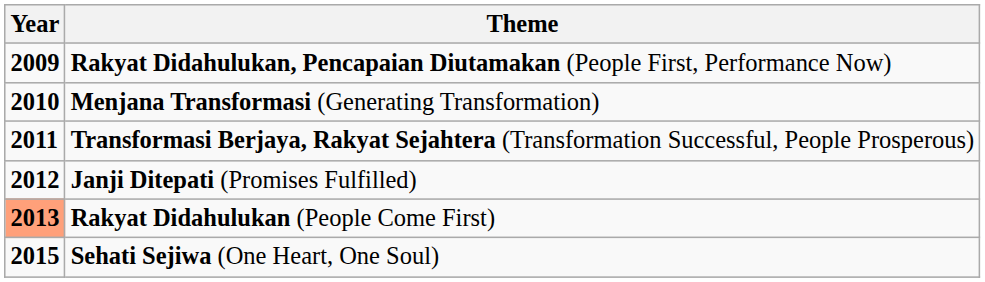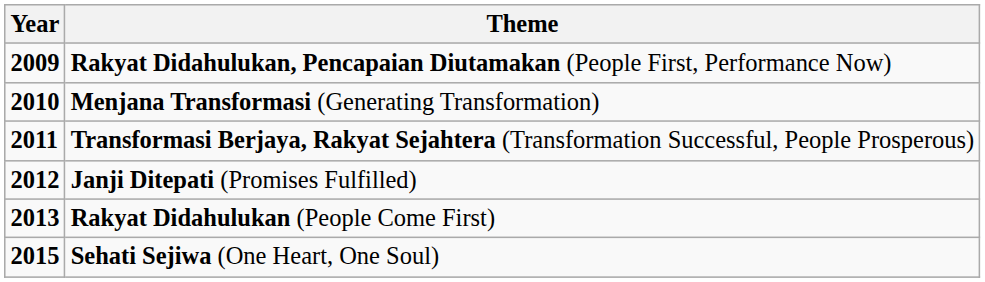 <table class="wikitable">
 <tr>
 <th>Year</th>
 <th>Theme</th>
 </tr>
 <tr>
 <td><strong>2009</strong></td>
 <td><strong>Rakyat Didahulukan, Pencapaian Diutamakan</strong> (People First, Performance Now)</td>
 </tr>
 <tr>
 <td><strong>2010</strong></td>
 <td><strong>Menjana Transformasi</strong> (Generating Transformation)</td>
 </tr>
 <tr>
 <td><strong>2011</strong></td>
 <td><strong>Transformasi Berjaya, Rakyat Sejahtera</strong> (Transformation Successful, People Prosperous)</td>
 </tr>
 <tr>
 <td><strong>2012</strong></td>
 <td><strong>Janji Ditepati</strong> (Promises Fulfilled)</td>
 </tr>
 <tr>
-<td style="background: lightsalmon;"><strong>2013</strong></td>
+<td><strong>2013</strong></td>
 <td><strong>Rakyat Didahulukan</strong> (People Come First)</td>
 </tr>
 <tr>
 <td><strong>2015</strong></td>
 <td><strong>Sehati Sejiwa</strong> (One Heart, One Soul)</td>
 </tr>
 </table>
